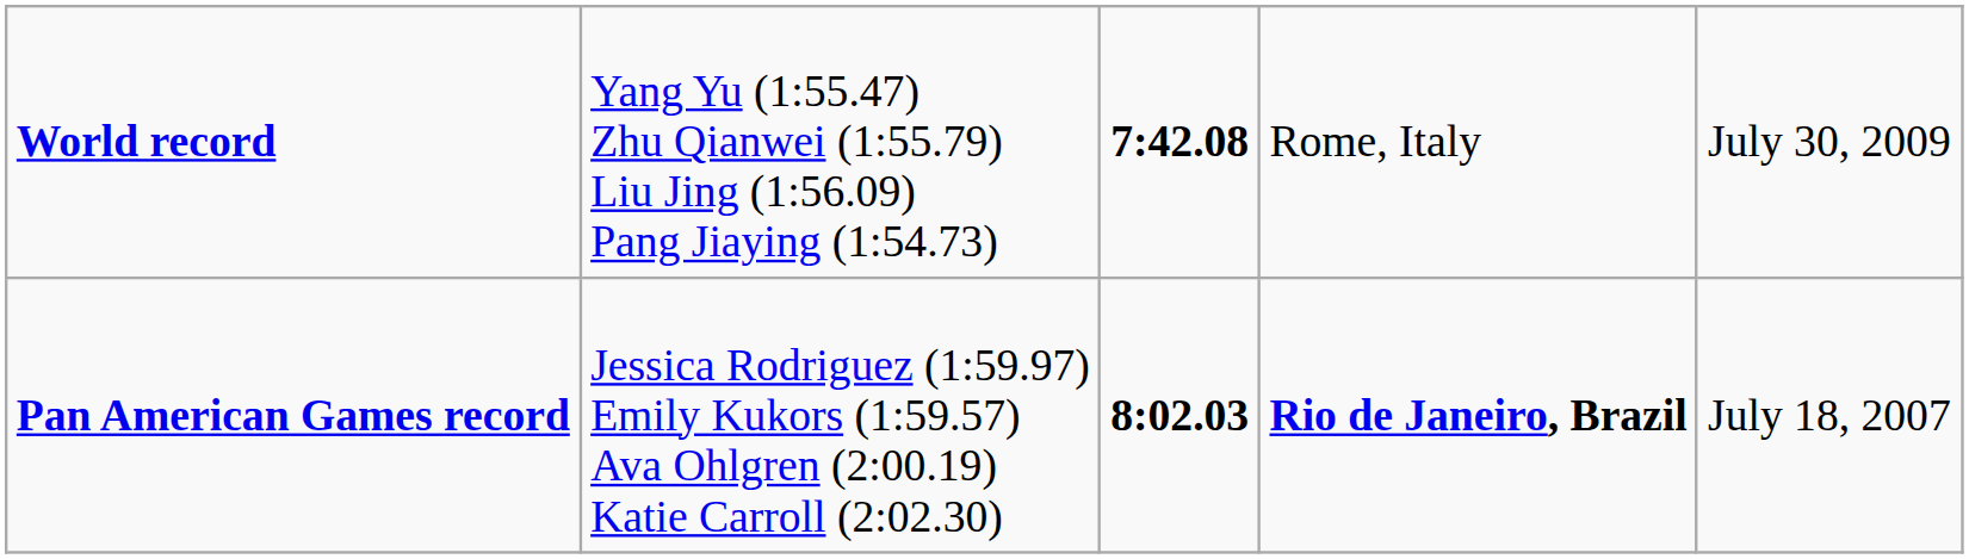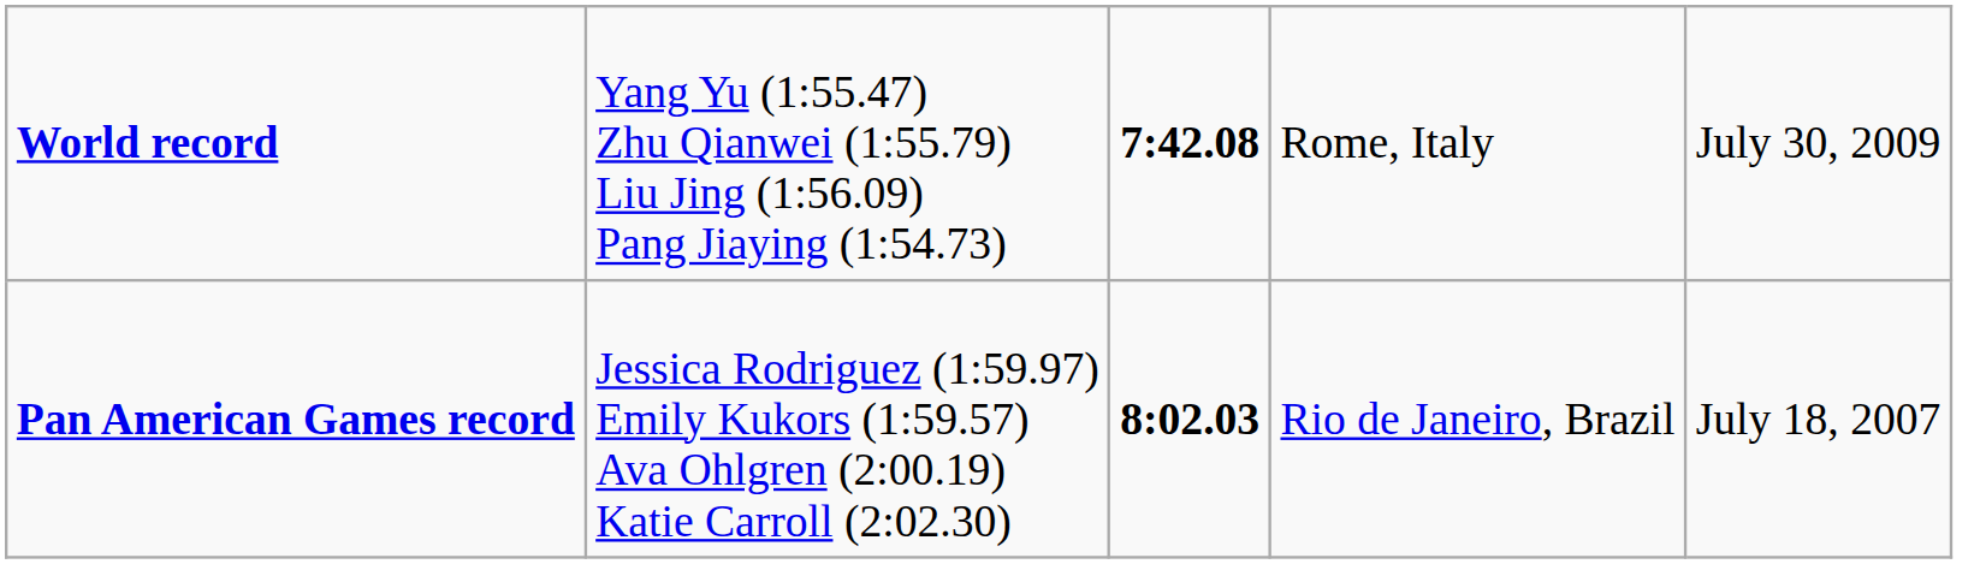 <table class="wikitable">
 <tr>
 <td><strong><a href='#'>World record</a></strong></td>
 <td><br><a href='#'>Yang Yu</a> (1:55.47)<br><a href='#'>Zhu Qianwei</a> (1:55.79)<br><a href='#'>Liu Jing</a> (1:56.09)<br><a href='#'>Pang Jiaying</a> (1:54.73)</td>
 <td><strong>7:42.08</strong></td>
 <td>Rome, Italy</td>
 <td>July 30, 2009</td>
 </tr>
 <tr>
 <td><strong><a href='#'>Pan American Games record</a></strong></td>
 <td><br><a href='#'>Jessica Rodriguez</a> (1:59.97)<br><a href='#'>Emily Kukors</a> (1:59.57)<br><a href='#'>Ava Ohlgren</a> (2:00.19)<br><a href='#'>Katie Carroll</a> (2:02.30)</td>
 <td><strong>8:02.03</strong></td>
-<td><strong><a href='#'>Rio de Janeiro</a>, Brazil</strong></td>
+<td><a href='#'>Rio de Janeiro</a>, Brazil</td>
 <td>July 18, 2007</td>
 </tr>
 </table>
